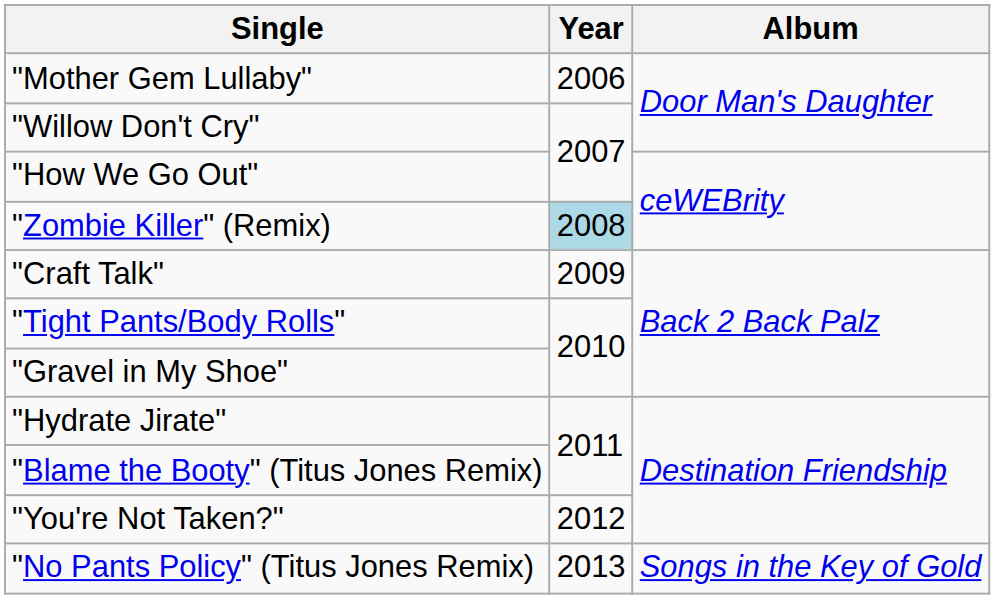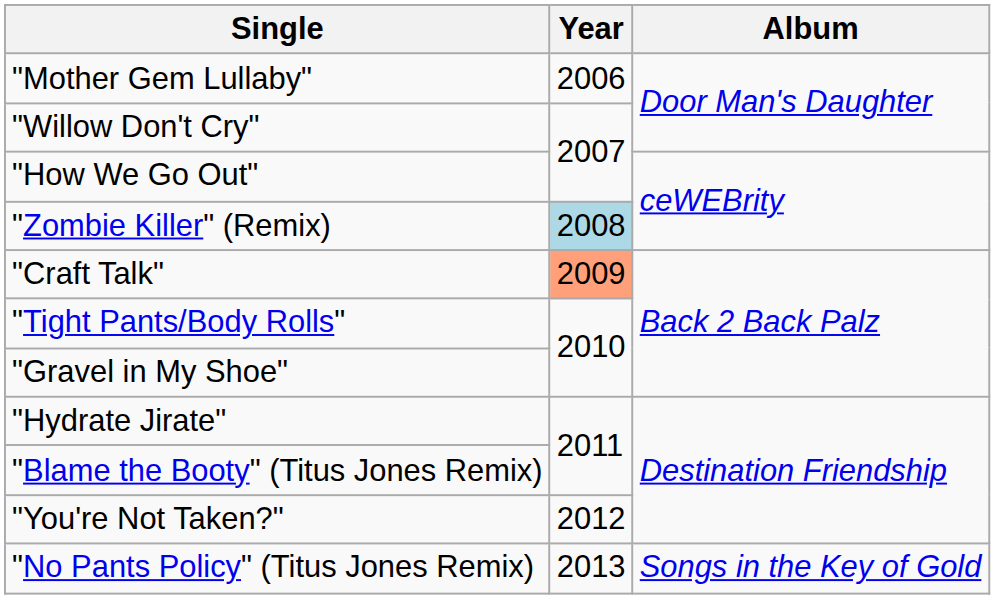 <table class="wikitable">
 <tr>
 <th>Single</th>
 <th>Year</th>
 <th>Album</th>
 </tr>
 <tr>
 <td>"Mother Gem Lullaby"</td>
 <td>2006</td>
 <td rowspan="2"><em><a href='#'>Door Man's Daughter</a></em></td>
 </tr>
 <tr>
 <td>"Willow Don't Cry"</td>
 <td rowspan="2">2007</td>
 </tr>
 <tr>
 <td>"How We Go Out"</td>
 <td rowspan="2"><em><a href='#'>ceWEBrity</a></em></td>
 </tr>
 <tr>
 <td>"<a href='#'>Zombie Killer</a>" (Remix)</td>
 <td style="background: lightblue;">2008</td>
 </tr>
 <tr>
 <td>"Craft Talk"</td>
-<td>2009</td>
+<td style="background: lightsalmon;">2009</td>
 <td rowspan="3"><em><a href='#'>Back 2 Back Palz</a></em></td>
 </tr>
 <tr>
 <td>"<a href='#'>Tight Pants/Body Rolls</a>"</td>
 <td rowspan="2">2010</td>
 </tr>
 <tr>
 <td>"Gravel in My Shoe"</td>
 </tr>
 <tr>
 <td>"Hydrate Jirate"</td>
 <td rowspan="2">2011</td>
 <td rowspan="3"><em><a href='#'>Destination Friendship</a></em></td>
 </tr>
 <tr>
 <td>"<a href='#'>Blame the Booty</a>" (Titus Jones Remix)</td>
 </tr>
 <tr>
 <td>"You're Not Taken?"</td>
 <td>2012</td>
 </tr>
 <tr>
 <td>"<a href='#'>No Pants Policy</a>" (Titus Jones Remix)</td>
 <td>2013</td>
 <td><em><a href='#'>Songs in the Key of Gold</a></em></td>
 </tr>
 </table>
